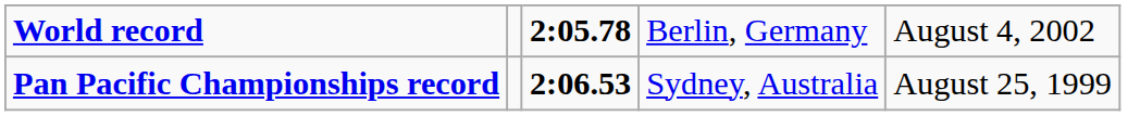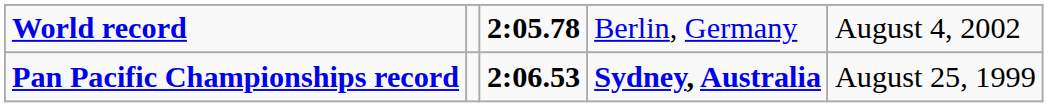 <table class="wikitable">
 <tr>
 <td><strong><a href='#'>World record</a></strong></td>
 <td></td>
 <td><strong>2:05.78</strong></td>
 <td><a href='#'>Berlin</a>, <a href='#'>Germany</a></td>
 <td>August 4, 2002</td>
 </tr>
 <tr>
 <td><strong><a href='#'>Pan Pacific Championships record</a></strong></td>
 <td></td>
 <td><strong>2:06.53</strong></td>
-<td><a href='#'>Sydney</a>, <a href='#'>Australia</a></td>
+<td><strong><a href='#'>Sydney</a>, <a href='#'>Australia</a></strong></td>
 <td>August 25, 1999</td>
 </tr>
 </table>
